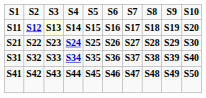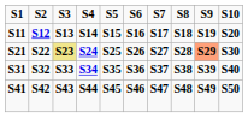 <table class="wikitable" style="text-align: center;">
 <tr valign="top">
 <td><strong>S1</strong><br></td>
 <td><strong>S2</strong><br></td>
 <td><strong>S3</strong><br></td>
 <td><strong>S4</strong><br></td>
 <td><strong>S5</strong><br></td>
 <td><strong>S6</strong><br></td>
 <td><strong>S7</strong><br></td>
 <td><strong>S8</strong><br></td>
 <td><strong>S9</strong><br></td>
 <td><strong>S10</strong><br></td>
 </tr>
 <tr valign="top">
 <td><strong>S11</strong><br></td>
 <td><strong><a href='#'>S12</a></strong><br></td>
-<td style="background: lightyellow;"><strong>S13</strong><br></td>
+<td><strong>S13</strong><br></td>
 <td><strong>S14</strong><br></td>
 <td><strong>S15</strong><br></td>
 <td><strong>S16</strong><br></td>
 <td><strong>S17</strong><br></td>
 <td><strong>S18</strong><br></td>
 <td><strong>S19</strong><br></td>
 <td><strong>S20</strong><br></td>
 </tr>
 <tr valign="top">
 <td><strong>S21</strong><br></td>
 <td><strong>S22</strong><br></td>
-<td><strong>S23</strong><br></td>
+<td style="background: khaki;"><strong>S23</strong><br></td>
 <td><strong><a href='#'>S24</a></strong><br></td>
 <td><strong>S25</strong><br></td>
 <td><strong>S26</strong><br></td>
 <td><strong>S27</strong><br></td>
 <td><strong>S28</strong><br></td>
-<td><strong>S29</strong><br></td>
+<td style="background: lightsalmon;"><strong>S29</strong><br></td>
 <td><strong>S30</strong><br></td>
 </tr>
 <tr valign="top">
 <td><strong>S31</strong><br></td>
 <td><strong>S32</strong><br></td>
 <td><strong>S33</strong><br></td>
 <td><strong><a href='#'>S34</a></strong><br></td>
 <td><strong>S35</strong><br></td>
 <td><strong>S36</strong><br></td>
 <td><strong>S37</strong><br></td>
 <td><strong>S38</strong><br></td>
 <td><strong>S39</strong><br></td>
 <td><strong>S40</strong><br></td>
 </tr>
 <tr valign="top">
 <td><strong>S41</strong><br></td>
 <td><strong>S42</strong><br></td>
 <td><strong>S43</strong><br></td>
 <td><strong>S44</strong><br></td>
 <td><strong>S45</strong><br></td>
 <td><strong>S46</strong><br></td>
 <td><strong>S47</strong><br></td>
 <td><strong>S48</strong><br></td>
 <td><strong>S49</strong><br></td>
 <td><strong>S50</strong><br><br></td>
 </tr>
 </table>
